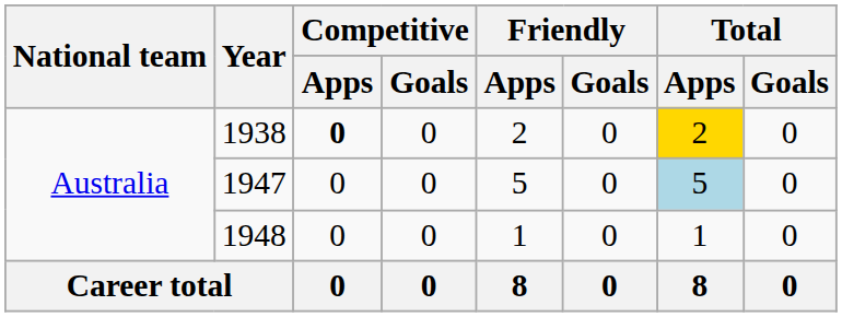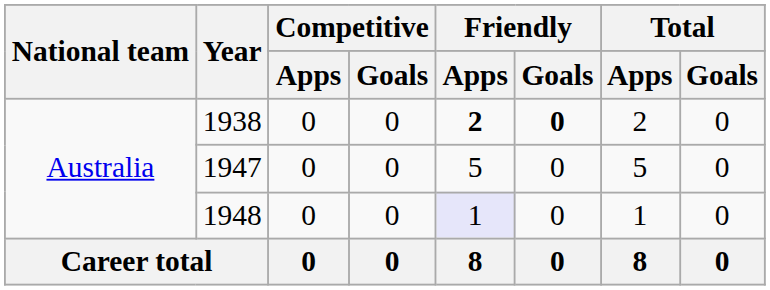 <table class="wikitable" style="text-align:center">
 <tr>
 <th rowspan="2">National team</th>
 <th rowspan="2">Year</th>
 <th colspan="2">Competitive</th>
 <th colspan="2">Friendly</th>
 <th colspan="2">Total</th>
 </tr>
 <tr>
 <th>Apps</th>
 <th>Goals</th>
 <th>Apps</th>
 <th>Goals</th>
 <th>Apps</th>
 <th>Goals</th>
 </tr>
 <tr>
 <td rowspan="3"><a href='#'>Australia</a></td>
 <td>1938</td>
+<td>0</td>
+<td>0</td>
+<td><strong>2</strong></td>
 <td><strong>0</strong></td>
-<td>0</td>
 <td>2</td>
-<td>0</td>
-<td style="background: gold;">2</td>
 <td>0</td>
 </tr>
 <tr>
 <td>1947</td>
 <td>0</td>
 <td>0</td>
 <td>5</td>
 <td>0</td>
-<td style="background: lightblue;">5</td>
+<td>5</td>
 <td>0</td>
 </tr>
 <tr>
 <td>1948</td>
 <td>0</td>
 <td>0</td>
-<td>1</td>
+<td style="background: lavender;">1</td>
 <td>0</td>
 <td>1</td>
 <td>0</td>
 </tr>
 <tr>
 <th colspan="2">Career total</th>
 <th>0</th>
 <th>0</th>
 <th>8</th>
 <th>0</th>
 <th>8</th>
 <th>0</th>
 </tr>
 </table>
